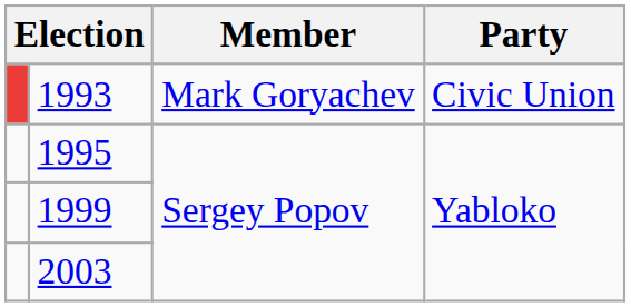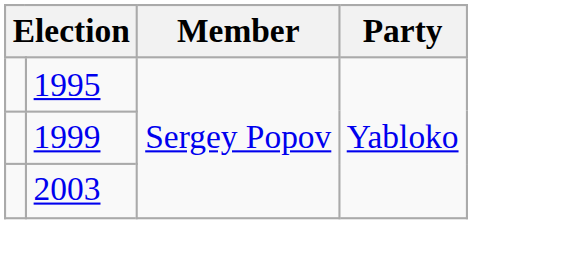 <table class="wikitable">
 <tr>
 <th colspan="2">Election</th>
 <th>Member</th>
 <th>Party</th>
-</tr>
-<tr>
-<td style="background-color:#EA3C38"></td>
-<td><a href='#'>1993</a></td>
-<td><a href='#'>Mark Goryachev</a></td>
-<td><a href='#'>Civic Union</a></td>
 </tr>
 <tr>
 <td style="background-color:"></td>
 <td><a href='#'>1995</a></td>
 <td rowspan=3><a href='#'>Sergey Popov</a></td>
 <td rowspan=3><a href='#'>Yabloko</a></td>
 </tr>
 <tr>
 <td style="background-color:"></td>
 <td><a href='#'>1999</a></td>
 </tr>
 <tr>
 <td style="background-color:"></td>
 <td><a href='#'>2003</a></td>
 </tr>
 </table>
